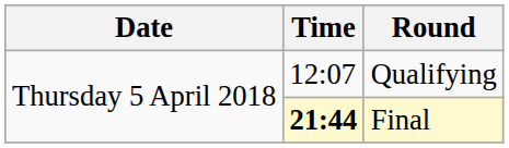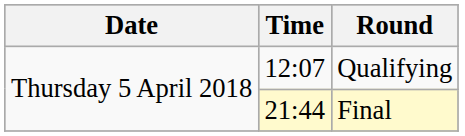 <table class="wikitable">
 <tr>
 <th>Date</th>
 <th>Time</th>
 <th>Round</th>
 </tr>
 <tr>
 <td rowspan=2>Thursday 5 April 2018</td>
 <td>12:07</td>
 <td>Qualifying</td>
 </tr>
 <tr>
-<td style=background:lemonchiffon><strong>21:44</strong></td>
+<td style=background:lemonchiffon>21:44</td>
 <td style=background:lemonchiffon>Final</td>
 </tr>
 </table>
